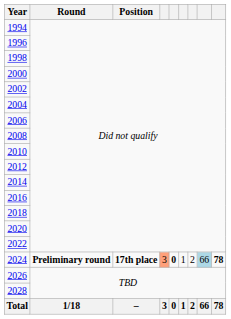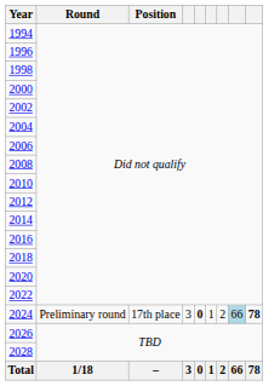 <table class="wikitable" style="text-align: center;">
 <tr>
 <th>Year</th>
 <th>Round</th>
 <th>Position</th>
 <th></th>
 <th></th>
 <th></th>
 <th></th>
 <th></th>
 <th></th>
 </tr>
 <tr>
 <td> <a href='#'>1994</a></td>
 <td colspan=8 rowspan=15><em>Did not qualify</em></td>
 </tr>
 <tr>
 <td> <a href='#'>1996</a></td>
 </tr>
 <tr>
 <td> <a href='#'>1998</a></td>
 </tr>
 <tr>
 <td> <a href='#'>2000</a></td>
 </tr>
 <tr>
 <td> <a href='#'>2002</a></td>
 </tr>
 <tr>
 <td> <a href='#'>2004</a></td>
 </tr>
 <tr>
 <td> <a href='#'>2006</a></td>
 </tr>
 <tr>
 <td> <a href='#'>2008</a></td>
 </tr>
 <tr>
 <td> <a href='#'>2010</a></td>
 </tr>
 <tr>
 <td> <a href='#'>2012</a></td>
 </tr>
 <tr>
 <td> <a href='#'>2014</a></td>
 </tr>
 <tr>
 <td> <a href='#'>2016</a></td>
 </tr>
 <tr>
 <td> <a href='#'>2018</a></td>
 </tr>
 <tr>
 <td> <a href='#'>2020</a></td>
 </tr>
 <tr>
 <td> <a href='#'>2022</a></td>
 </tr>
 <tr>
 <td> <a href='#'>2024</a></td>
-<td><strong>Preliminary round</strong></td>
-<td><strong>17th place</strong></td>
-<td style="background: lightsalmon;">3</td>
+<td>Preliminary round</td>
+<td>17th place</td>
+<td>3</td>
 <td><strong>0</strong></td>
 <td>1</td>
 <td>2</td>
 <td style="background: lightblue;">66</td>
 <td><strong>78</strong></td>
 </tr>
 <tr>
 <td> <a href='#'>2026</a></td>
 <td colspan=8 rowspan=2><em>TBD</em></td>
 </tr>
 <tr>
 <td> <a href='#'>2028</a></td>
 </tr>
 <tr>
 <th>Total</th>
 <th>1/18</th>
 <th>–</th>
 <th>3</th>
 <th>0</th>
 <th>1</th>
 <th>2</th>
 <th>66</th>
 <th>78</th>
 </tr>
 </table>
